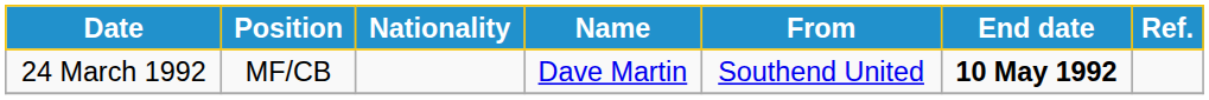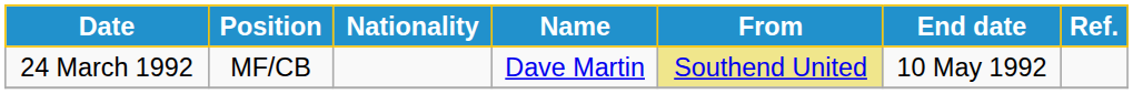 <table class="wikitable" style="text-align:center; font-size:90%; width:100%;">
 <tr>
 <th style="background:#2191CC; color:white; border:1px solid #F7C408; text-align:center;">Date</th>
 <th style="background:#2191CC; color:white; border:1px solid #F7C408; text-align:center;">Position</th>
 <th style="background:#2191CC; color:white; border:1px solid #F7C408; text-align:center;">Nationality</th>
 <th style="background:#2191CC; color:white; border:1px solid #F7C408; text-align:center;">Name</th>
 <th style="background:#2191CC; color:white; border:1px solid #F7C408; text-align:center;">From</th>
 <th style="background:#2191CC; color:white; border:1px solid #F7C408; text-align:center;">End date</th>
 <th style="background:#2191CC; color:white; border:1px solid #F7C408; text-align:center;">Ref.</th>
 </tr>
 <tr>
 <td>24 March 1992</td>
 <td>MF/CB</td>
 <td></td>
 <td><a href='#'>Dave Martin</a></td>
-<td> <a href='#'>Southend United</a></td>
-<td><strong>10 May 1992</strong></td>
+<td style="background: khaki;"> <a href='#'>Southend United</a></td>
+<td>10 May 1992</td>
 <td></td>
 </tr>
 <tr>
 </tr>
 </table>
